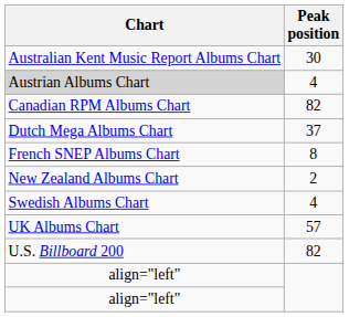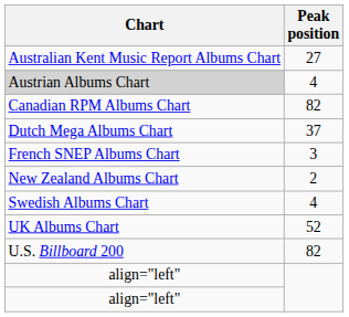 <table class="wikitable sortable" style="text-align:center;">
 <tr>
 <th>Chart</th>
 <th>Peak<br>position</th>
 </tr>
 <tr>
 <td align="left"><a href='#'>Australian Kent Music Report Albums Chart</a></td>
-<td>30</td>
+<td>27</td>
 </tr>
 <tr>
 <td align="left" style="background: lightgrey;">Austrian Albums Chart</td>
 <td>4</td>
 </tr>
 <tr>
 <td align="left"><a href='#'>Canadian RPM Albums Chart</a></td>
 <td>82</td>
 </tr>
 <tr>
 <td align="left"><a href='#'>Dutch Mega Albums Chart</a></td>
 <td>37</td>
 </tr>
 <tr>
 <td align="left"><a href='#'>French SNEP Albums Chart</a></td>
-<td>8</td>
+<td>3</td>
 </tr>
 <tr>
 <td align="left"><a href='#'>New Zealand Albums Chart</a></td>
 <td>2</td>
 </tr>
 <tr>
 <td align="left"><a href='#'>Swedish Albums Chart</a></td>
 <td>4</td>
 </tr>
 <tr>
 <td align="left"><a href='#'>UK Albums Chart</a></td>
-<td>57</td>
+<td>52</td>
 </tr>
 <tr>
 <td align="left">U.S. <a href='#'><em>Billboard</em> 200</a></td>
 <td>82</td>
 </tr>
 <tr>
 <td>align="left"</td>
 </tr>
 <tr>
 <td>align="left"</td>
 </tr>
 </table>
